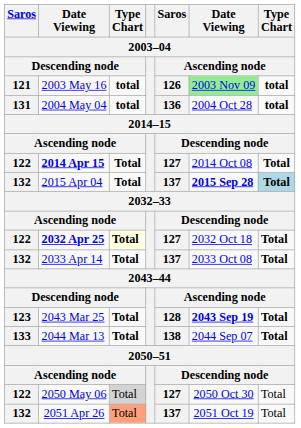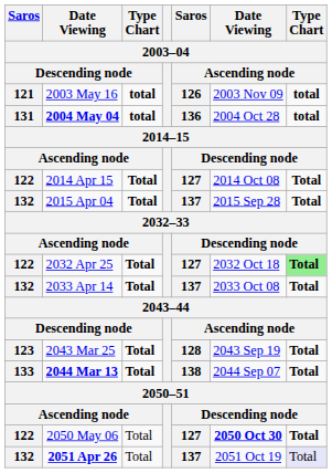 <table class=wikitable>
 <tr valign=top>
 <th><a href='#'>Saros</a></th>
 <th>Date<br>Viewing</th>
 <th>Type<br>Chart</th>
 <th></th>
 <th>Saros</th>
 <th>Date<br>Viewing</th>
 <th>Type<br>Chart</th>
 </tr>
 <tr>
 <th colspan=7>2003–04</th>
 </tr>
 <tr>
 <th colspan=3>Descending node</th>
 <th rowspan=3> </th>
 <th colspan=3>Ascending node</th>
 </tr>
 <tr>
 <th>121<br></th>
 <td><a href='#'>2003 May 16</a><br></td>
 <td align=center valign=top><strong>total</strong><br></td>
 <th>126<br></th>
-<td style="background: lightgreen;"><a href='#'>2003 Nov 09</a><br></td>
+<td><a href='#'>2003 Nov 09</a><br></td>
 <td align=center valign=top><strong>total</strong><br></td>
 </tr>
 <tr>
 <th>131<br></th>
-<td><a href='#'>2004 May 04</a><br></td>
+<td><strong><a href='#'>2004 May 04</a><br></strong></td>
 <td align=center valign=top><strong>total</strong><br></td>
 <th>136<br></th>
 <td><a href='#'>2004 Oct 28</a><br></td>
 <td align=center valign=top><strong>total</strong><br></td>
 </tr>
 <tr>
 <th colspan=7>2014–15</th>
 </tr>
 <tr>
 <th colspan=3>Ascending node</th>
 <th rowspan=3> </th>
 <th colspan=3>Descending node</th>
 </tr>
 <tr>
 <th>122<br></th>
-<td><strong><a href='#'>2014 Apr 15</a><br></strong></td>
+<td><a href='#'>2014 Apr 15</a><br></td>
 <td align=center valign=top><strong>Total</strong><br></td>
 <th>127<br></th>
 <td><a href='#'>2014 Oct 08</a><br></td>
 <td align=center valign=top><strong>Total</strong><br></td>
 </tr>
 <tr>
 <th>132<br></th>
 <td><a href='#'>2015 Apr 04</a><br></td>
 <td align=center valign=top><strong>Total</strong><br></td>
 <th>137<br></th>
-<td><strong><a href='#'>2015 Sep 28</a><br></strong></td>
-<td align=center valign=top style="background: lightblue;"><strong>Total</strong><br></td>
+<td><a href='#'>2015 Sep 28</a><br></td>
+<td align=center valign=top><strong>Total</strong><br></td>
 </tr>
 <tr>
 <th colspan=7>2032–33</th>
 </tr>
 <tr>
 <th colspan=3>Ascending node</th>
 <th rowspan=3> </th>
 <th colspan=3>Descending node</th>
 </tr>
 <tr>
 <th>122</th>
-<td><strong><a href='#'>2032 Apr 25</a><br></strong></td>
-<td style="background: lightyellow;"><strong>Total</strong><br></td>
+<td><a href='#'>2032 Apr 25</a><br></td>
+<td><strong>Total</strong><br></td>
 <th>127</th>
 <td><a href='#'>2032 Oct 18</a><br></td>
-<td><strong>Total</strong><br></td>
+<td style="background: lightgreen;"><strong>Total</strong><br></td>
 </tr>
 <tr>
 <th>132</th>
 <td><a href='#'>2033 Apr 14</a><br></td>
 <td><strong>Total</strong><br></td>
 <th>137</th>
 <td><a href='#'>2033 Oct 08</a><br></td>
 <td><strong>Total</strong><br></td>
 </tr>
 <tr>
 <th colspan=7>2043–44</th>
 </tr>
 <tr>
 <th colspan=3>Descending node</th>
 <th rowspan=3> </th>
 <th colspan=3>Ascending node</th>
 </tr>
 <tr>
 <th>123</th>
 <td><a href='#'>2043 Mar 25</a><br></td>
 <td><strong>Total</strong><br></td>
 <th>128</th>
-<td><strong><a href='#'>2043 Sep 19</a><br></strong></td>
+<td><a href='#'>2043 Sep 19</a><br></td>
 <td><strong>Total</strong><br></td>
 </tr>
 <tr>
 <th>133</th>
-<td><a href='#'>2044 Mar 13</a><br></td>
+<td><strong><a href='#'>2044 Mar 13</a><br></strong></td>
 <td><strong>Total</strong><br></td>
 <th>138</th>
 <td><a href='#'>2044 Sep 07</a><br></td>
 <td><strong>Total</strong><br></td>
 </tr>
 <tr>
 <th colspan=7>2050–51</th>
 </tr>
 <tr>
 <th colspan=3>Ascending node</th>
 <th rowspan=3> </th>
 <th colspan=3>Descending node</th>
 </tr>
 <tr>
 <th>122</th>
 <td align=center valign=top><a href='#'>2050 May 06</a><br></td>
-<td style="background: lightgrey;">Total<br></td>
+<td>Total<br></td>
 <th>127</th>
-<td align=center valign=top><a href='#'>2050 Oct 30</a><br></td>
-<td>Total<br></td>
+<td align=center valign=top><strong><a href='#'>2050 Oct 30</a><br></strong></td>
+<td><strong>Total<br></strong></td>
 </tr>
 <tr>
 <th>132</th>
-<td align=center valign=top><a href='#'>2051 Apr 26</a><br></td>
-<td style="background: lightsalmon;">Total<br></td>
+<td align=center valign=top><strong><a href='#'>2051 Apr 26</a><br></strong></td>
+<td>Total<br></td>
 <th>137</th>
 <td align=center valign=top><a href='#'>2051 Oct 19</a><br></td>
-<td>Total<br></td>
+<td style="background: lavender;">Total<br></td>
 </tr>
 </table>
